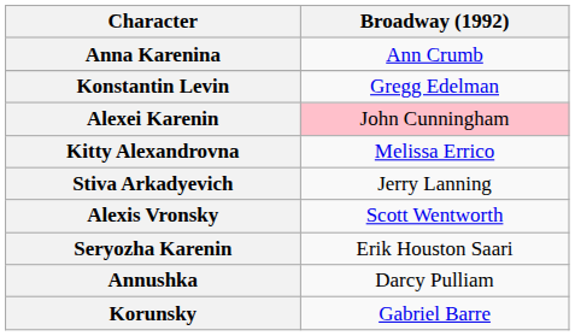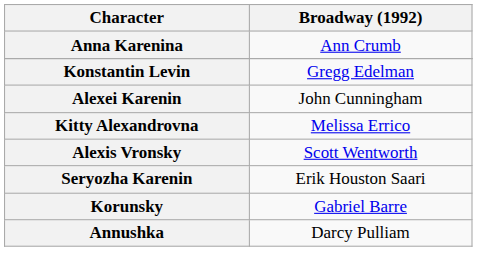 <table class="wikitable" style="width:50%; text-align:center">
 <tr>
 <th scope="col">Character</th>
 <th>Broadway (1992)</th>
 </tr>
 <tr>
 <th>Anna Karenina</th>
 <td colspan="1"><a href='#'>Ann Crumb</a></td>
 </tr>
 <tr>
 </tr>
 <tr>
 <th>Konstantin Levin</th>
 <td colspan="1”"><a href='#'>Gregg Edelman</a></td>
 </tr>
 <tr>
 <th>Alexei Karenin</th>
-<td colspan="1”" style="background: pink;">John Cunningham</td>
+<td colspan="1”">John Cunningham</td>
 </tr>
 <tr>
 <th>Kitty Alexandrovna</th>
 <td colspan="1"><a href='#'>Melissa Errico</a></td>
-</tr>
-<tr>
-<th>Stiva Arkadyevich</th>
-<td colspan="1">Jerry Lanning</td>
 </tr>
 <tr>
 <th>Alexis Vronsky</th>
 <td colspan="1"><a href='#'>Scott Wentworth</a></td>
 </tr>
 <tr>
 <th>Seryozha Karenin</th>
 <td colspan="1">Erik Houston Saari</td>
 </tr>
 <tr>
+<th>Korunsky</th>
+<td colspan="1"><a href='#'>Gabriel Barre</a></td>
+</tr>
+<tr>
 <th>Annushka</th>
 <td colspan="1">Darcy Pulliam</td>
 </tr>
-<tr>
-<th>Korunsky</th>
-<td colspan="1"><a href='#'>Gabriel Barre</a></td>
-</tr>
 </table>
